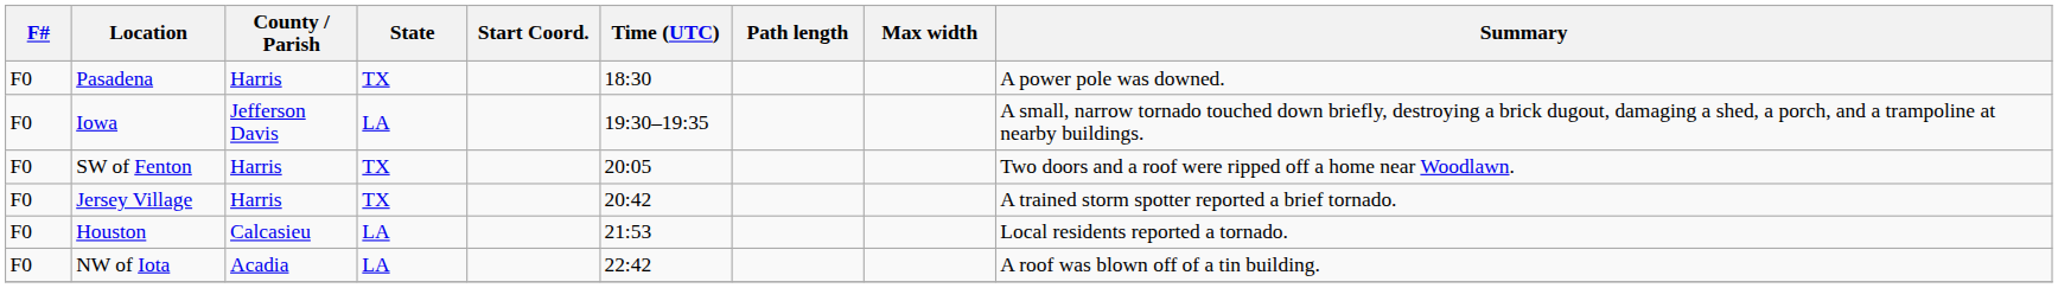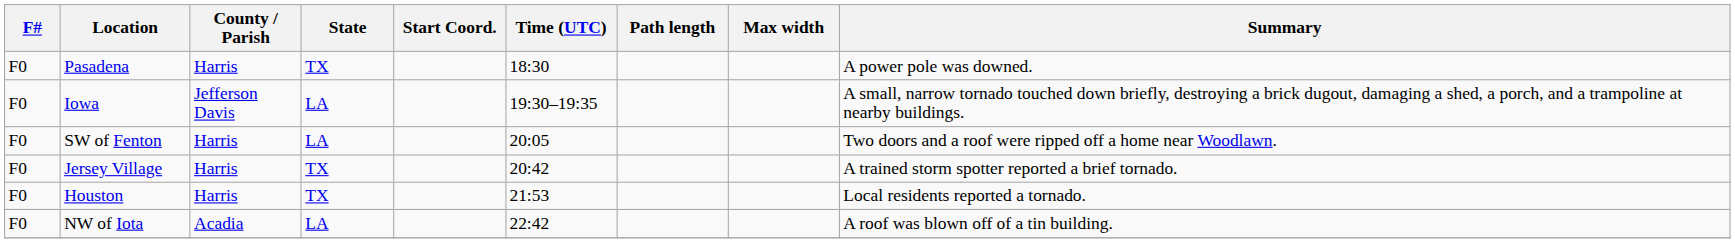 <table class="wikitable sortable" style="width:100%;">
 <tr>
 <th scope="col"  style="width:3%; text-align:center;"><a href='#'>F#</a></th>
 <th scope="col"  style="width:7%; text-align:center;" class="unsortable">Location</th>
 <th scope="col"  style="width:6%; text-align:center;" class="unsortable">County / Parish</th>
 <th scope="col"  style="width:5%; text-align:center;">State</th>
 <th scope="col"  style="width:6%; text-align:center;">Start Coord.</th>
 <th scope="col"  style="width:6%; text-align:center;">Time (<a href='#'>UTC</a>)</th>
 <th scope="col"  style="width:6%; text-align:center;">Path length</th>
 <th scope="col"  style="width:6%; text-align:center;">Max width</th>
 <th scope="col" class="unsortable" style="width:48%; text-align:center;">Summary</th>
 </tr>
 <tr>
 <td>F0</td>
 <td><a href='#'>Pasadena</a></td>
 <td><a href='#'>Harris</a></td>
 <td><a href='#'>TX</a></td>
 <td></td>
 <td>18:30</td>
 <td></td>
 <td></td>
 <td>A power pole was downed.</td>
 </tr>
 <tr>
 <td>F0</td>
 <td><a href='#'>Iowa</a></td>
 <td><a href='#'>Jefferson Davis</a></td>
 <td><a href='#'>LA</a></td>
 <td></td>
 <td>19:30–19:35</td>
 <td></td>
 <td></td>
 <td>A small, narrow tornado touched down briefly, destroying a brick dugout, damaging a shed, a porch, and a trampoline at nearby buildings.</td>
 </tr>
 <tr>
 <td>F0</td>
 <td>SW of <a href='#'>Fenton</a></td>
 <td><a href='#'>Harris</a></td>
-<td><a href='#'>TX</a></td>
+<td><a href='#'>LA</a></td>
 <td></td>
 <td>20:05</td>
 <td></td>
 <td></td>
 <td>Two doors and a roof were ripped off a home near <a href='#'>Woodlawn</a>.</td>
 </tr>
 <tr>
 <td>F0</td>
 <td><a href='#'>Jersey Village</a></td>
 <td><a href='#'>Harris</a></td>
 <td><a href='#'>TX</a></td>
 <td></td>
 <td>20:42</td>
 <td></td>
 <td></td>
 <td>A trained storm spotter reported a brief tornado.</td>
 </tr>
 <tr>
 <td>F0</td>
 <td><a href='#'>Houston</a></td>
-<td><a href='#'>Calcasieu</a></td>
-<td><a href='#'>LA</a></td>
+<td><a href='#'>Harris</a></td>
+<td><a href='#'>TX</a></td>
 <td></td>
 <td>21:53</td>
 <td></td>
 <td></td>
 <td>Local residents reported a tornado.</td>
 </tr>
 <tr>
 <td>F0</td>
 <td>NW of <a href='#'>Iota</a></td>
 <td><a href='#'>Acadia</a></td>
 <td><a href='#'>LA</a></td>
 <td></td>
 <td>22:42</td>
 <td></td>
 <td></td>
 <td>A roof was blown off of a tin building.</td>
 </tr>
 <tr>
 </tr>
 </table>
